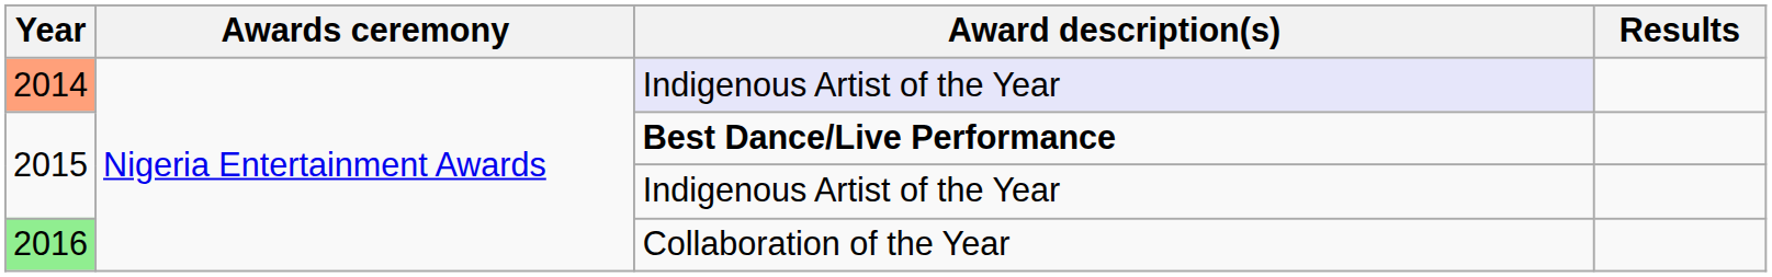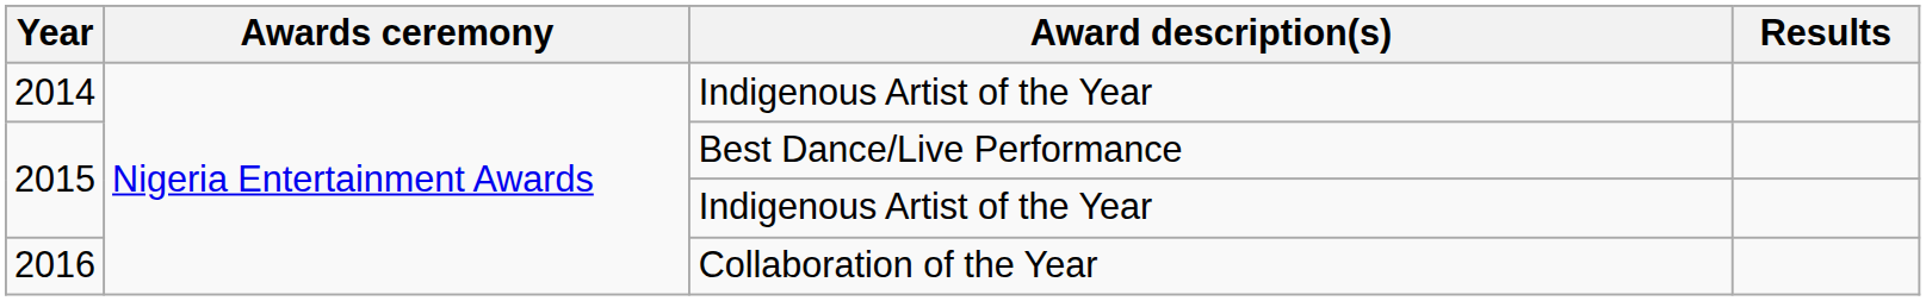 <table class="wikitable">
 <tr>
 <th>Year</th>
 <th width="250">Awards ceremony</th>
 <th width="450">Award description(s)</th>
 <th width="75">Results</th>
 </tr>
 <tr>
-<td style="background: lightsalmon;">2014</td>
+<td>2014</td>
 <td rowspan="4"><a href='#'>Nigeria Entertainment Awards</a></td>
-<td style="background: lavender;">Indigenous Artist of the Year</td>
+<td>Indigenous Artist of the Year</td>
 <td></td>
 </tr>
 <tr>
 <td rowspan="2">2015</td>
-<td><strong>Best Dance/Live Performance</strong></td>
+<td>Best Dance/Live Performance</td>
 <td></td>
 </tr>
 <tr>
 <td>Indigenous Artist of the Year</td>
 <td></td>
 </tr>
 <tr>
-<td style="background: lightgreen;">2016</td>
+<td>2016</td>
 <td>Collaboration of the Year</td>
 <td></td>
 </tr>
 </table>
